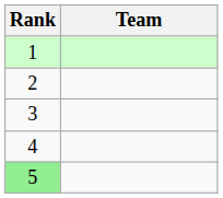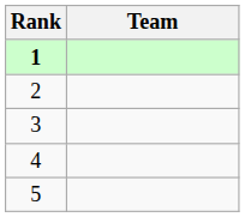 <table class="wikitable">
 <tr>
 <th>Rank</th>
 <th width=120px>Team</th>
 </tr>
 <tr style="background:#ccffcc;">
-<td align=center>1</td>
+<td align=center><strong>1</strong></td>
 <td> </td>
 </tr>
 <tr>
 <td align=center>2</td>
 <td></td>
 </tr>
 <tr>
 <td align=center>3</td>
 <td></td>
 </tr>
 <tr>
 <td align=center>4</td>
 <td></td>
 </tr>
 <tr>
-<td align=center style="background: lightgreen;">5</td>
+<td align=center>5</td>
 <td></td>
 </tr>
 </table>
